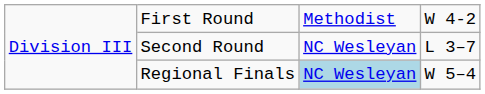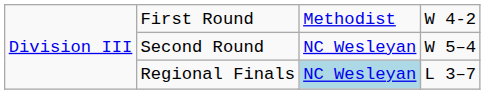 <table class="wikitable">
 <tr>
 <td rowspan="3"><a href='#'>Division III</a></td>
 <td>First Round</td>
 <td><a href='#'>Methodist</a></td>
 <td>W 4-2</td>
 </tr>
 <tr>
 <td>Second Round</td>
 <td><a href='#'>NC Wesleyan</a></td>
-<td>L 3–7</td>
+<td>W 5–4</td>
 </tr>
 <tr>
 <td>Regional Finals</td>
 <td style="background: lightblue;"><a href='#'>NC Wesleyan</a></td>
-<td>W 5–4</td>
+<td>L 3–7</td>
 </tr>
 </table>
